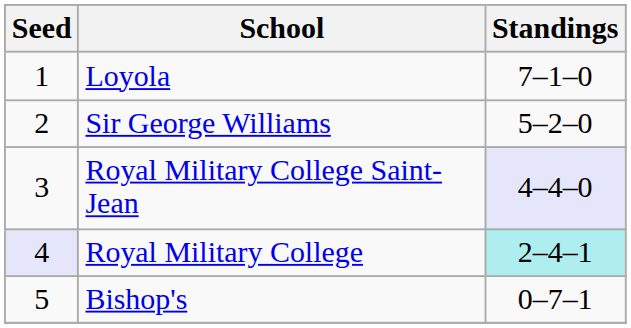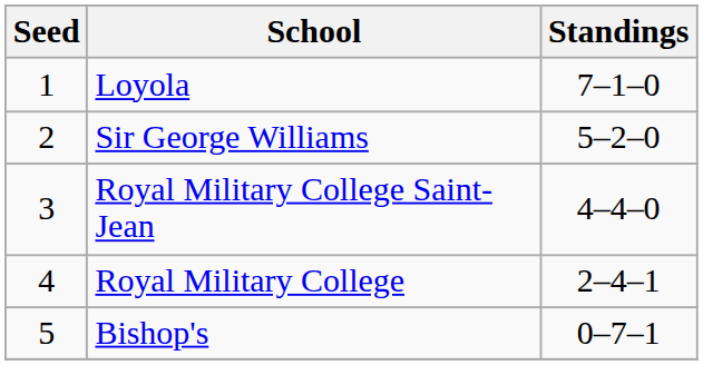 <table class="wikitable">
 <tr>
 <th>Seed</th>
 <th style="width:210px">School</th>
 <th>Standings</th>
 </tr>
 <tr>
 <td align=center>1</td>
 <td><a href='#'>Loyola</a></td>
 <td align=center>7–1–0</td>
 </tr>
 <tr>
 <td align=center>2</td>
 <td><a href='#'>Sir George Williams</a></td>
 <td align=center>5–2–0</td>
 </tr>
 <tr>
 <td align=center>3</td>
 <td><a href='#'>Royal Military College Saint-Jean</a></td>
-<td align=center style="background: lavender;">4–4–0</td>
+<td align=center>4–4–0</td>
 </tr>
 <tr>
-<td align=center style="background: lavender;">4</td>
+<td align=center>4</td>
 <td><a href='#'>Royal Military College</a></td>
-<td align=center style="background: paleturquoise;">2–4–1</td>
+<td align=center>2–4–1</td>
 </tr>
 <tr>
 <td align=center>5</td>
 <td><a href='#'>Bishop's</a></td>
 <td align=center>0–7–1</td>
 </tr>
 <tr>
 </tr>
 </table>
